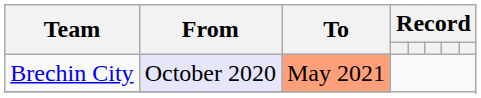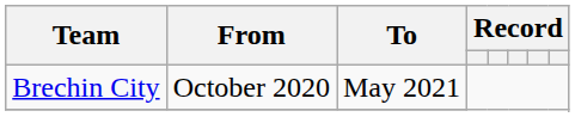 <table class=wikitable style="text-align: center">
 <tr>
 <th rowspan=2>Team</th>
 <th rowspan=2>From</th>
 <th rowspan=2>To</th>
 <th colspan=5>Record</th>
 </tr>
 <tr>
 <th></th>
 <th></th>
 <th></th>
 <th></th>
 <th></th>
 </tr>
 <tr>
 <td align=left><a href='#'>Brechin City</a></td>
-<td align=left style="background: lavender;">October 2020</td>
-<td align=left style="background: lightsalmon;">May 2021<br></td>
+<td align=left>October 2020</td>
+<td align=left>May 2021<br></td>
 </tr>
 <tr>
 </tr>
 </table>
